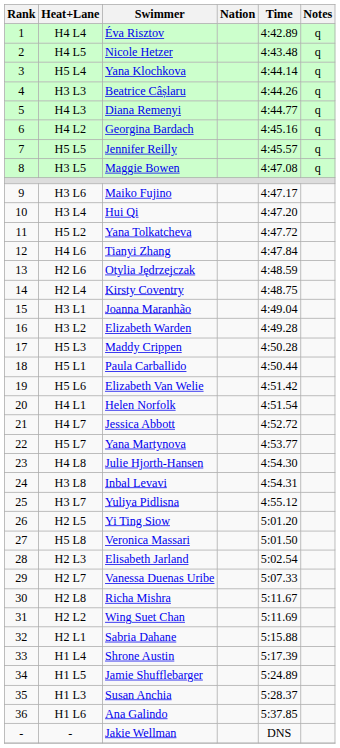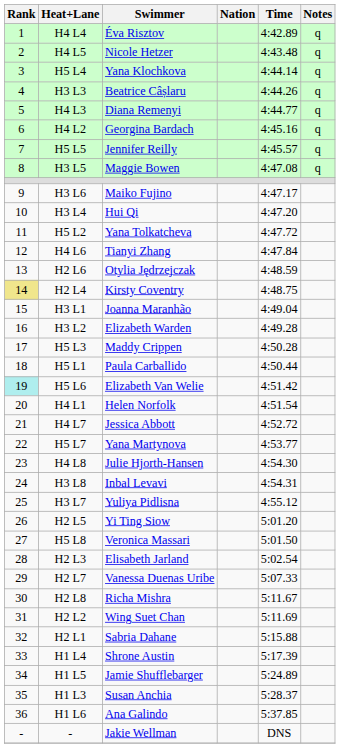 <table class="wikitable sortable" style="text-align:center">
 <tr>
 <th>Rank</th>
 <th>Heat+Lane</th>
 <th>Swimmer</th>
 <th>Nation</th>
 <th>Time</th>
 <th>Notes</th>
 </tr>
 <tr bgcolor=ccffcc>
 <td>1</td>
 <td>H4 L4</td>
 <td align=left><a href='#'>Éva Risztov</a></td>
 <td align=left></td>
 <td>4:42.89</td>
 <td>q</td>
 </tr>
 <tr bgcolor=ccffcc>
 <td>2</td>
 <td>H4 L5</td>
 <td align=left><a href='#'>Nicole Hetzer</a></td>
 <td align=left></td>
 <td>4:43.48</td>
 <td>q</td>
 </tr>
 <tr bgcolor=ccffcc>
 <td>3</td>
 <td>H5 L4</td>
 <td align=left><a href='#'>Yana Klochkova</a></td>
 <td align=left></td>
 <td>4:44.14</td>
 <td>q</td>
 </tr>
 <tr bgcolor=ccffcc>
 <td>4</td>
 <td>H3 L3</td>
 <td align=left><a href='#'>Beatrice Câșlaru</a></td>
 <td align=left></td>
 <td>4:44.26</td>
 <td>q</td>
 </tr>
 <tr bgcolor=ccffcc>
 <td>5</td>
 <td>H4 L3</td>
 <td align=left><a href='#'>Diana Remenyi</a></td>
 <td align=left></td>
 <td>4:44.77</td>
 <td>q</td>
 </tr>
 <tr bgcolor=ccffcc>
 <td>6</td>
 <td>H4 L2</td>
 <td align=left><a href='#'>Georgina Bardach</a></td>
 <td align=left></td>
 <td>4:45.16</td>
 <td>q</td>
 </tr>
 <tr bgcolor=ccffcc>
 <td>7</td>
 <td>H5 L5</td>
 <td align=left><a href='#'>Jennifer Reilly</a></td>
 <td align=left></td>
 <td>4:45.57</td>
 <td>q</td>
 </tr>
 <tr bgcolor=ccffcc>
 <td>8</td>
 <td>H3 L5</td>
 <td align=left><a href='#'>Maggie Bowen</a></td>
 <td align=left></td>
 <td>4:47.08</td>
 <td>q</td>
 </tr>
 <tr bgcolor=#DDDDDD>
 <td colspan=6></td>
 </tr>
 <tr>
 <td>9</td>
 <td>H3 L6</td>
 <td align=left><a href='#'>Maiko Fujino</a></td>
 <td align=left></td>
 <td>4:47.17</td>
 <td></td>
 </tr>
 <tr>
 <td>10</td>
 <td>H3 L4</td>
 <td align=left><a href='#'>Hui Qi</a></td>
 <td align=left></td>
 <td>4:47.20</td>
 <td></td>
 </tr>
 <tr>
 <td>11</td>
 <td>H5 L2</td>
 <td align=left><a href='#'>Yana Tolkatcheva</a></td>
 <td align=left></td>
 <td>4:47.72</td>
 <td></td>
 </tr>
 <tr>
 <td>12</td>
 <td>H4 L6</td>
 <td align=left><a href='#'>Tianyi Zhang</a></td>
 <td align=left></td>
 <td>4:47.84</td>
 <td></td>
 </tr>
 <tr>
 <td>13</td>
 <td>H2 L6</td>
 <td align=left><a href='#'>Otylia Jędrzejczak</a></td>
 <td align=left></td>
 <td>4:48.59</td>
 <td></td>
 </tr>
 <tr>
-<td>14</td>
+<td style="background: khaki;">14</td>
 <td>H2 L4</td>
 <td align=left><a href='#'>Kirsty Coventry</a></td>
 <td align=left></td>
 <td>4:48.75</td>
 <td></td>
 </tr>
 <tr>
 <td>15</td>
 <td>H3 L1</td>
 <td align=left><a href='#'>Joanna Maranhão</a></td>
 <td align=left></td>
 <td>4:49.04</td>
 <td></td>
 </tr>
 <tr>
 <td>16</td>
 <td>H3 L2</td>
 <td align=left><a href='#'>Elizabeth Warden</a></td>
 <td align=left></td>
 <td>4:49.28</td>
 <td></td>
 </tr>
 <tr>
 <td>17</td>
 <td>H5 L3</td>
 <td align=left><a href='#'>Maddy Crippen</a></td>
 <td align=left></td>
 <td>4:50.28</td>
 <td></td>
 </tr>
 <tr>
 <td>18</td>
 <td>H5 L1</td>
 <td align=left><a href='#'>Paula Carballido</a></td>
 <td align=left></td>
 <td>4:50.44</td>
 <td></td>
 </tr>
 <tr>
-<td>19</td>
+<td style="background: paleturquoise;">19</td>
 <td>H5 L6</td>
 <td align=left><a href='#'>Elizabeth Van Welie</a></td>
 <td align=left></td>
 <td>4:51.42</td>
 <td></td>
 </tr>
 <tr>
 <td>20</td>
 <td>H4 L1</td>
 <td align=left><a href='#'>Helen Norfolk</a></td>
 <td align=left></td>
 <td>4:51.54</td>
 <td></td>
 </tr>
 <tr>
 <td>21</td>
 <td>H4 L7</td>
 <td align=left><a href='#'>Jessica Abbott</a></td>
 <td align=left></td>
 <td>4:52.72</td>
 <td></td>
 </tr>
 <tr>
 <td>22</td>
 <td>H5 L7</td>
 <td align=left><a href='#'>Yana Martynova</a></td>
 <td align=left></td>
 <td>4:53.77</td>
 <td></td>
 </tr>
 <tr>
 <td>23</td>
 <td>H4 L8</td>
 <td align=left><a href='#'>Julie Hjorth-Hansen</a></td>
 <td align=left></td>
 <td>4:54.30</td>
 <td></td>
 </tr>
 <tr>
 <td>24</td>
 <td>H3 L8</td>
 <td align=left><a href='#'>Inbal Levavi</a></td>
 <td align=left></td>
 <td>4:54.31</td>
 <td></td>
 </tr>
 <tr>
 <td>25</td>
 <td>H3 L7</td>
 <td align=left><a href='#'>Yuliya Pidlisna</a></td>
 <td align=left></td>
 <td>4:55.12</td>
 <td></td>
 </tr>
 <tr>
 <td>26</td>
 <td>H2 L5</td>
 <td align=left><a href='#'>Yi Ting Siow</a></td>
 <td align=left></td>
 <td>5:01.20</td>
 <td></td>
 </tr>
 <tr>
 <td>27</td>
 <td>H5 L8</td>
 <td align=left><a href='#'>Veronica Massari</a></td>
 <td align=left></td>
 <td>5:01.50</td>
 <td></td>
 </tr>
 <tr>
 <td>28</td>
 <td>H2 L3</td>
 <td align=left><a href='#'>Elisabeth Jarland</a></td>
 <td align=left></td>
 <td>5:02.54</td>
 <td></td>
 </tr>
 <tr>
 <td>29</td>
 <td>H2 L7</td>
 <td align=left><a href='#'>Vanessa Duenas Uribe</a></td>
 <td align=left></td>
 <td>5:07.33</td>
 <td></td>
 </tr>
 <tr>
 <td>30</td>
 <td>H2 L8</td>
 <td align=left><a href='#'>Richa Mishra</a></td>
 <td align=left></td>
 <td>5:11.67</td>
 <td></td>
 </tr>
 <tr>
 <td>31</td>
 <td>H2 L2</td>
 <td align=left><a href='#'>Wing Suet Chan</a></td>
 <td align=left></td>
 <td>5:11.69</td>
 <td></td>
 </tr>
 <tr>
 <td>32</td>
 <td>H2 L1</td>
 <td align=left><a href='#'>Sabria Dahane</a></td>
 <td align=left></td>
 <td>5:15.88</td>
 <td></td>
 </tr>
 <tr>
 <td>33</td>
 <td>H1 L4</td>
 <td align=left><a href='#'>Shrone Austin</a></td>
 <td align=left></td>
 <td>5:17.39</td>
 <td></td>
 </tr>
 <tr>
 <td>34</td>
 <td>H1 L5</td>
 <td align=left><a href='#'>Jamie Shufflebarger</a></td>
 <td align=left></td>
 <td>5:24.89</td>
 <td></td>
 </tr>
 <tr>
 <td>35</td>
 <td>H1 L3</td>
 <td align=left><a href='#'>Susan Anchia</a></td>
 <td align=left></td>
 <td>5:28.37</td>
 <td></td>
 </tr>
 <tr>
 <td>36</td>
 <td>H1 L6</td>
 <td align=left><a href='#'>Ana Galindo</a></td>
 <td align=left></td>
 <td>5:37.85</td>
 <td></td>
 </tr>
 <tr>
 <td>-</td>
 <td>-</td>
 <td align=left><a href='#'>Jakie Wellman</a></td>
 <td align=left></td>
 <td>DNS</td>
 <td></td>
 </tr>
 <tr>
 </tr>
 </table>
